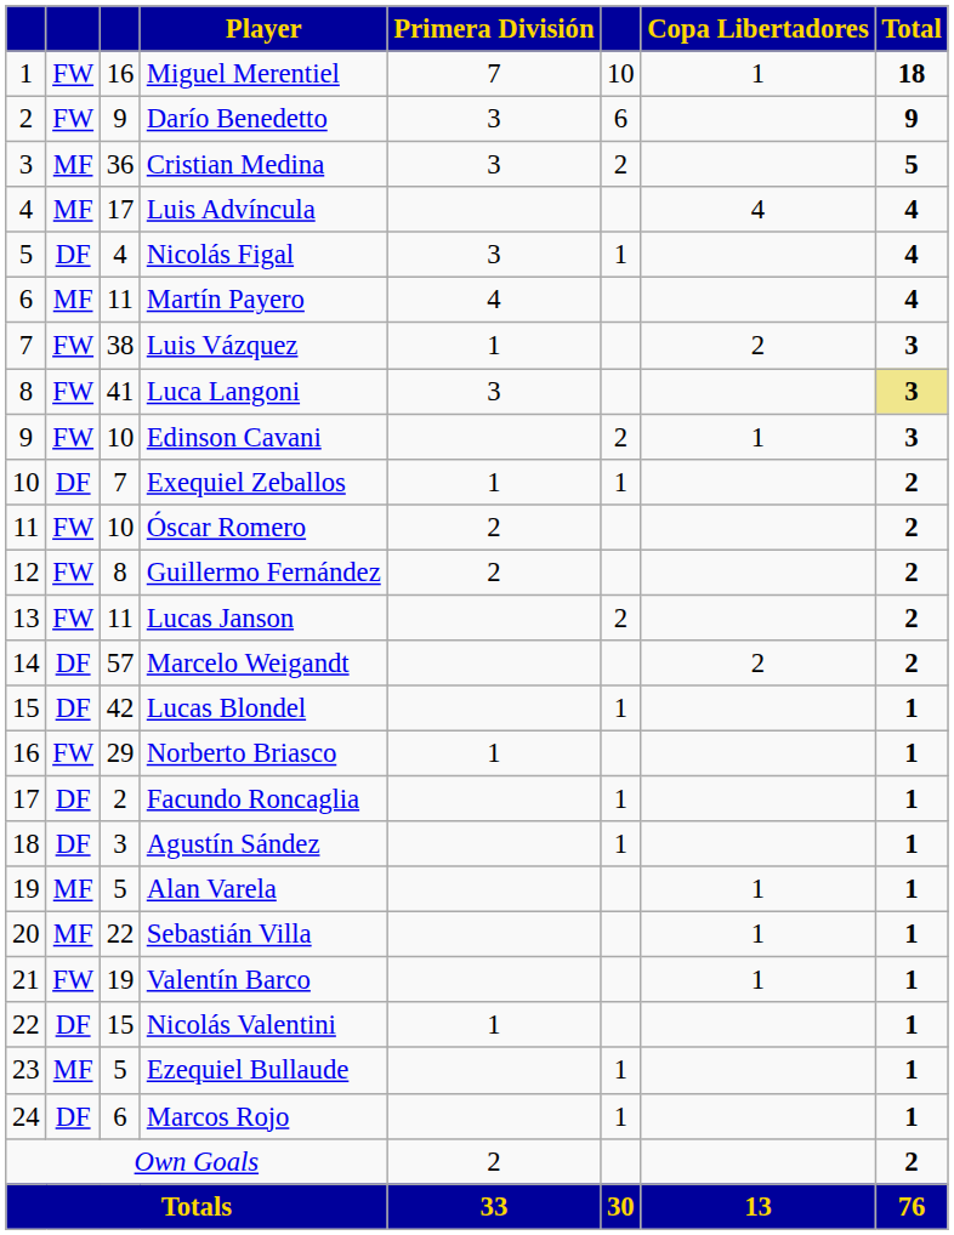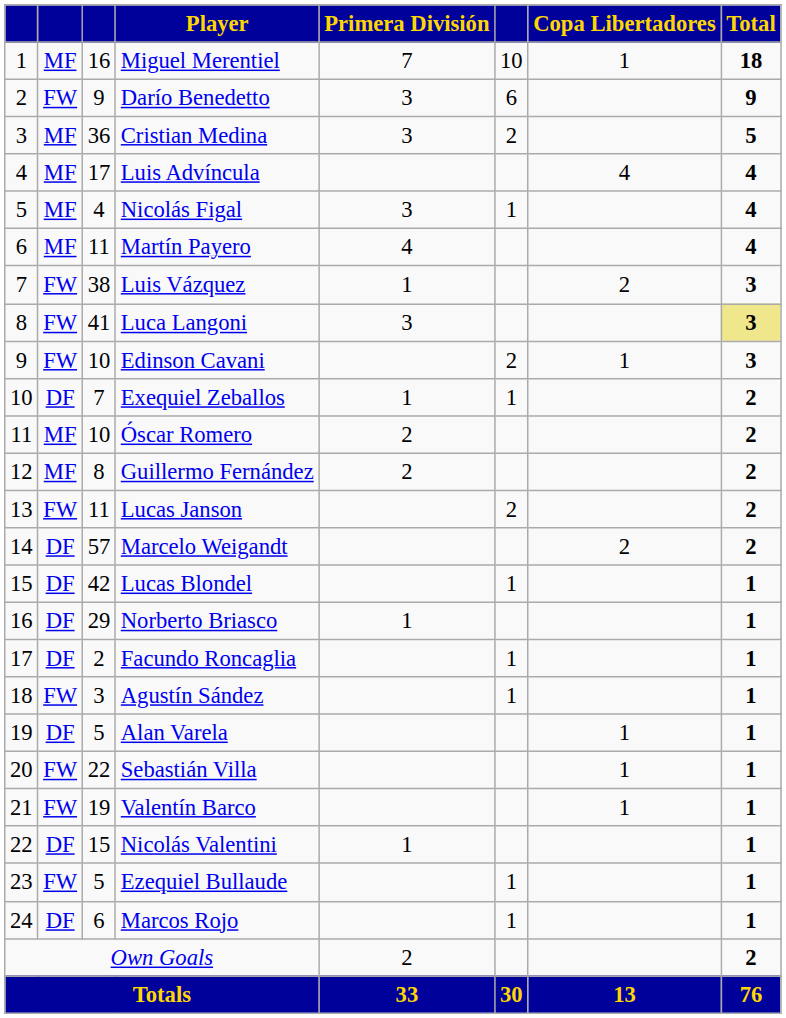 <table class="wikitable sortable" style="font-size: 95%; text-align: center;">
 <tr>
 <th style="background:#00009B; color:gold; width=15"></th>
 <th style="background:#00009B; color:gold; width=15"></th>
 <th style="background:#00009B; color:gold; width=15"></th>
 <th style="background:#00009B; color:gold; width=15 width=150">Player</th>
 <th style="background:#00009B; color:gold; width=15 width=75">Primera División</th>
 <th style="background:#00009B; color:gold; width=15 width=75"></th>
 <th style="background:#00009B; color:gold; width=15 width=75">Copa Libertadores</th>
 <th style="background:#00009B; color:gold; width=15 width=75">Total</th>
 </tr>
 <tr>
 <td>1</td>
-<td><a href='#'>FW</a></td>
+<td><a href='#'>MF</a></td>
 <td>16</td>
 <td align=left> <a href='#'>Miguel Merentiel</a></td>
 <td>7</td>
 <td>10</td>
 <td>1</td>
 <td><strong>18</strong></td>
 </tr>
 <tr>
 <td>2</td>
 <td><a href='#'>FW</a></td>
 <td>9</td>
 <td align=left> <a href='#'>Darío Benedetto</a></td>
 <td>3</td>
 <td>6</td>
 <td></td>
 <td><strong>9</strong></td>
 </tr>
 <tr>
 <td>3</td>
 <td><a href='#'>MF</a></td>
 <td>36</td>
 <td align=left> <a href='#'>Cristian Medina</a></td>
 <td>3</td>
 <td>2</td>
 <td></td>
 <td><strong>5</strong></td>
 </tr>
 <tr>
 <td>4</td>
 <td><a href='#'>MF</a></td>
 <td>17</td>
 <td align=left> <a href='#'>Luis Advíncula</a></td>
 <td></td>
 <td></td>
 <td>4</td>
 <td><strong>4</strong></td>
 </tr>
 <tr>
 <td>5</td>
-<td><a href='#'>DF</a></td>
+<td><a href='#'>MF</a></td>
 <td>4</td>
 <td align=left> <a href='#'>Nicolás Figal</a></td>
 <td>3</td>
 <td>1</td>
 <td></td>
 <td><strong>4</strong></td>
 </tr>
 <tr>
 <td>6</td>
 <td><a href='#'>MF</a></td>
 <td>11</td>
 <td align=left> <a href='#'>Martín Payero</a></td>
 <td>4</td>
 <td></td>
 <td></td>
 <td><strong>4</strong></td>
 </tr>
 <tr>
 <td>7</td>
 <td><a href='#'>FW</a></td>
 <td>38</td>
 <td align=left> <a href='#'>Luis Vázquez</a></td>
 <td>1</td>
 <td></td>
 <td>2</td>
 <td><strong>3</strong></td>
 </tr>
 <tr>
 <td>8</td>
 <td><a href='#'>FW</a></td>
 <td>41</td>
 <td align=left> <a href='#'>Luca Langoni</a></td>
 <td>3</td>
 <td></td>
 <td></td>
 <td style="background: khaki;"><strong>3</strong></td>
 </tr>
 <tr>
 <td>9</td>
 <td><a href='#'>FW</a></td>
 <td>10</td>
 <td align=left> <a href='#'>Edinson Cavani</a></td>
 <td></td>
 <td>2</td>
 <td>1</td>
 <td><strong>3</strong></td>
 </tr>
 <tr>
 <td>10</td>
 <td><a href='#'>DF</a></td>
 <td>7</td>
 <td align=left> <a href='#'>Exequiel Zeballos</a></td>
 <td>1</td>
 <td>1</td>
 <td></td>
 <td><strong>2</strong></td>
 </tr>
 <tr>
 <td>11</td>
-<td><a href='#'>FW</a></td>
+<td><a href='#'>MF</a></td>
 <td>10</td>
 <td align=left> <a href='#'>Óscar Romero</a></td>
 <td>2</td>
 <td></td>
 <td></td>
 <td><strong>2</strong></td>
 </tr>
 <tr>
 <td>12</td>
-<td><a href='#'>FW</a></td>
+<td><a href='#'>MF</a></td>
 <td>8</td>
 <td align=left> <a href='#'>Guillermo Fernández</a></td>
 <td>2</td>
 <td></td>
 <td></td>
 <td><strong>2</strong></td>
 </tr>
 <tr>
 <td>13</td>
 <td><a href='#'>FW</a></td>
 <td>11</td>
 <td align=left> <a href='#'>Lucas Janson</a></td>
 <td></td>
 <td>2</td>
 <td></td>
 <td><strong>2</strong></td>
 </tr>
 <tr>
 <td>14</td>
 <td><a href='#'>DF</a></td>
 <td>57</td>
 <td align=left> <a href='#'>Marcelo Weigandt</a></td>
 <td></td>
 <td></td>
 <td>2</td>
 <td><strong>2</strong></td>
 </tr>
 <tr>
 <td>15</td>
 <td><a href='#'>DF</a></td>
 <td>42</td>
 <td align=left> <a href='#'>Lucas Blondel</a></td>
 <td></td>
 <td>1</td>
 <td></td>
 <td><strong>1</strong></td>
 </tr>
 <tr>
 <td>16</td>
-<td><a href='#'>FW</a></td>
+<td><a href='#'>DF</a></td>
 <td>29</td>
 <td align=left> <a href='#'>Norberto Briasco</a></td>
 <td>1</td>
 <td></td>
 <td></td>
 <td><strong>1</strong></td>
 </tr>
 <tr>
 <td>17</td>
 <td><a href='#'>DF</a></td>
 <td>2</td>
 <td align=left> <a href='#'>Facundo Roncaglia</a></td>
 <td></td>
 <td>1</td>
 <td></td>
 <td><strong>1</strong></td>
 </tr>
 <tr>
 <td>18</td>
-<td><a href='#'>DF</a></td>
+<td><a href='#'>FW</a></td>
 <td>3</td>
 <td align=left> <a href='#'>Agustín Sández</a></td>
 <td></td>
 <td>1</td>
 <td></td>
 <td><strong>1</strong></td>
 </tr>
 <tr>
 <td>19</td>
-<td><a href='#'>MF</a></td>
+<td><a href='#'>DF</a></td>
 <td>5</td>
 <td align=left> <a href='#'>Alan Varela</a></td>
 <td></td>
 <td></td>
 <td>1</td>
 <td><strong>1</strong></td>
 </tr>
 <tr>
 <td>20</td>
-<td><a href='#'>MF</a></td>
+<td><a href='#'>FW</a></td>
 <td>22</td>
 <td align=left> <a href='#'>Sebastián Villa</a></td>
 <td></td>
 <td></td>
 <td>1</td>
 <td><strong>1</strong></td>
 </tr>
 <tr>
 <td>21</td>
 <td><a href='#'>FW</a></td>
 <td>19</td>
 <td align=left> <a href='#'>Valentín Barco</a></td>
 <td></td>
 <td></td>
 <td>1</td>
 <td><strong>1</strong></td>
 </tr>
 <tr>
 <td>22</td>
 <td><a href='#'>DF</a></td>
 <td>15</td>
 <td align=left> <a href='#'>Nicolás Valentini</a></td>
 <td>1</td>
 <td></td>
 <td></td>
 <td><strong>1</strong></td>
 </tr>
 <tr>
 <td>23</td>
-<td><a href='#'>MF</a></td>
+<td><a href='#'>FW</a></td>
 <td>5</td>
 <td align=left> <a href='#'>Ezequiel Bullaude</a></td>
 <td></td>
 <td>1</td>
 <td></td>
 <td><strong>1</strong></td>
 </tr>
 <tr>
 <td>24</td>
 <td><a href='#'>DF</a></td>
 <td>6</td>
 <td align=left> <a href='#'>Marcos Rojo</a></td>
 <td></td>
 <td>1</td>
 <td></td>
 <td><strong>1</strong></td>
 </tr>
 <tr>
 <td colspan=4><em><a href='#'>Own Goals</a></em></td>
 <td>2</td>
 <td></td>
 <td></td>
 <td><strong>2</strong></td>
 </tr>
 <tr align=center>
 <th style="background:#00009B; color:gold"; colspan=4><strong>Totals</strong></th>
 <th style="background:#00009B; color:gold";><strong>33</strong></th>
 <th style="background:#00009B; color:gold";><strong>30</strong></th>
 <th style="background:#00009B; color:gold";><strong>13</strong></th>
 <th style="background:#00009B; color:gold";><strong>76</strong></th>
 </tr>
 </table>
